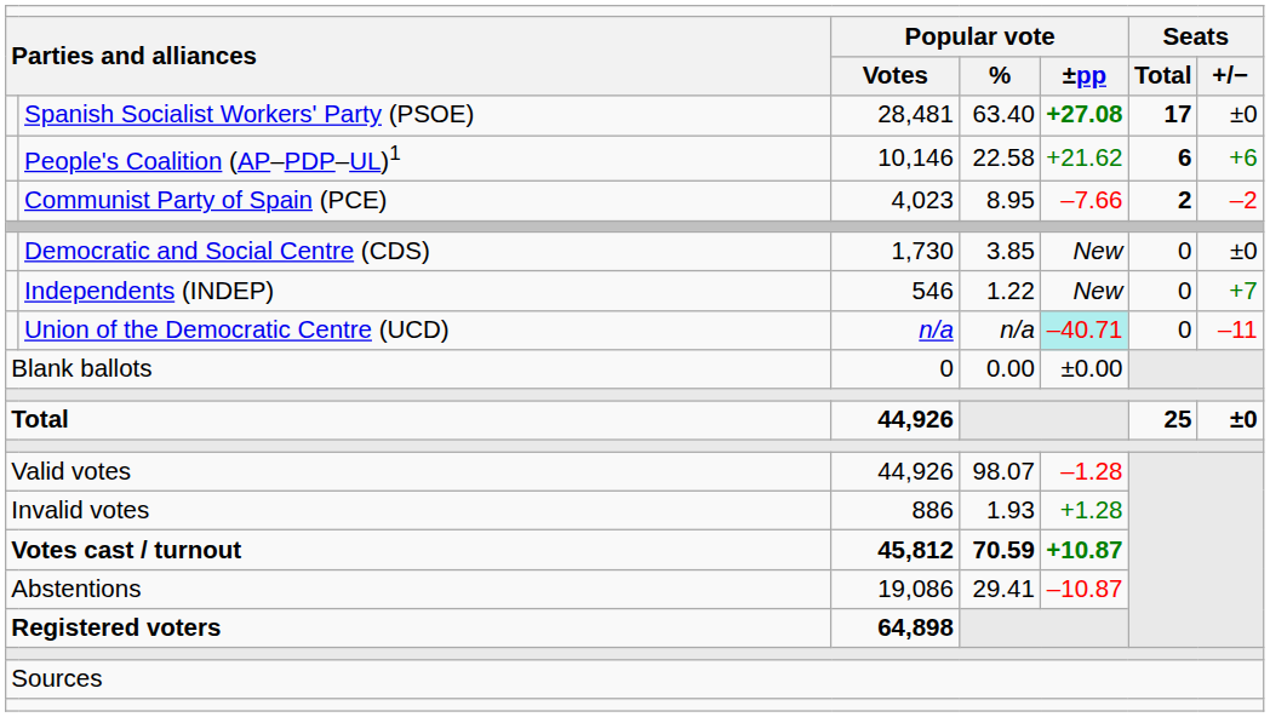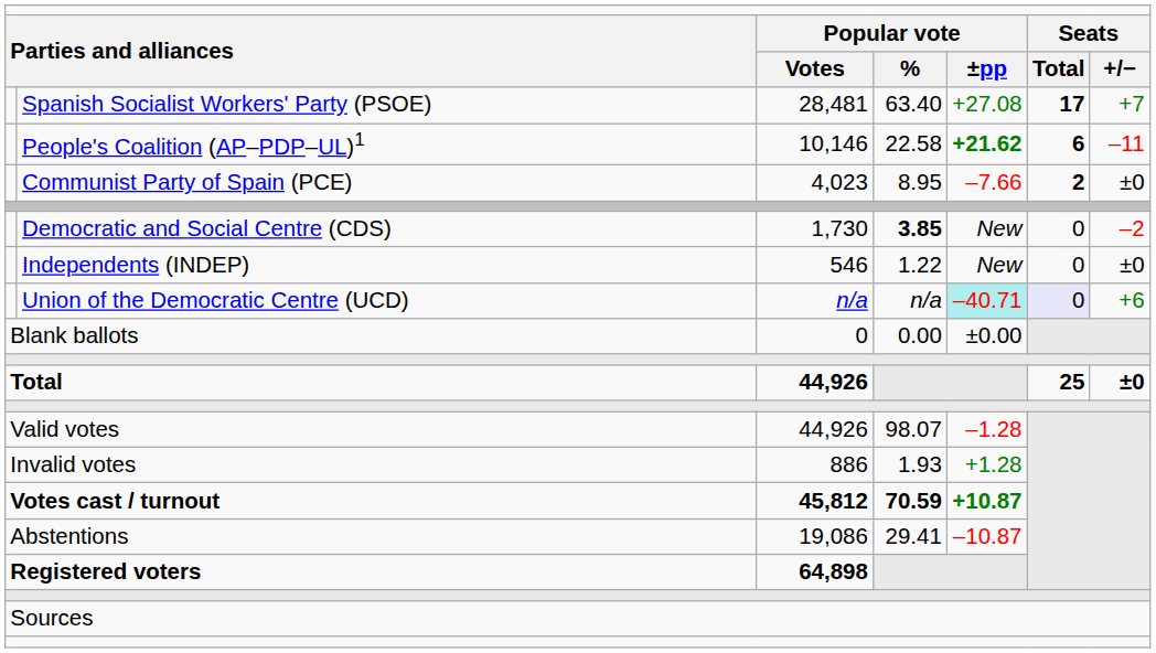 <table class="wikitable" style="text-align:right;">
 <tr>
 <td colspan="7"></td>
 </tr>
 <tr>
 <th style="text-align:left;" rowspan="2" colspan="2" width="525">Parties and alliances</th>
 <th colspan="3">Popular vote</th>
 <th colspan="2">Seats</th>
 </tr>
 <tr>
 <th width="75">Votes</th>
 <th width="45">%</th>
 <th width="45">±<a href='#'>pp</a></th>
 <th width="35">Total</th>
 <th width="35">+/−</th>
 </tr>
 <tr>
 <td width="1" style="color:inherit;background:"></td>
 <td align="left"><a href='#'>Spanish Socialist Workers' Party</a> (PSOE)</td>
 <td>28,481</td>
 <td>63.40</td>
-<td style="color:green;"><strong>+27.08</strong></td>
+<td style="color:green;">+27.08</td>
 <td><strong>17</strong></td>
-<td>±0</td>
+<td style="color:green;">+7</td>
 </tr>
 <tr>
 <td style="color:inherit;background:"></td>
 <td align="left"><a href='#'>People's Coalition</a> (<a href='#'>AP</a>–<a href='#'>PDP</a>–<a href='#'>UL</a>)<sup>1</sup></td>
 <td>10,146</td>
 <td>22.58</td>
-<td style="color:green;">+21.62</td>
+<td style="color:green;"><strong>+21.62</strong></td>
 <td><strong>6</strong></td>
-<td style="color:green;">+6</td>
+<td style="color:red;">–11</td>
 </tr>
 <tr>
 <td style="color:inherit;background:"></td>
 <td align="left"><a href='#'>Communist Party of Spain</a> (PCE)</td>
 <td>4,023</td>
 <td>8.95</td>
 <td style="color:red;">–7.66</td>
 <td><strong>2</strong></td>
-<td style="color:red;">–2</td>
+<td>±0</td>
 </tr>
 <tr>
 <td colspan="7" bgcolor="#C0C0C0"></td>
 </tr>
 <tr>
 <td style="color:inherit;background:"></td>
 <td align="left"><a href='#'>Democratic and Social Centre</a> (CDS)</td>
 <td>1,730</td>
-<td>3.85</td>
+<td><strong>3.85</strong></td>
 <td><em>New</em></td>
 <td>0</td>
-<td>±0</td>
+<td style="color:red;">–2</td>
 </tr>
 <tr>
 <td style="color:inherit;background:"></td>
 <td align="left"><a href='#'>Independents</a> (INDEP)</td>
 <td>546</td>
 <td>1.22</td>
 <td><em>New</em></td>
 <td>0</td>
-<td style="color:green;">+7</td>
+<td>±0</td>
 </tr>
 <tr>
 <td style="color:inherit;background:"></td>
 <td align="left"><a href='#'>Union of the Democratic Centre</a> (UCD)</td>
 <td><em><a href='#'>n/a</a></em></td>
 <td><em>n/a</em></td>
 <td style="background: paleturquoise; color:red;">–40.71</td>
-<td>0</td>
-<td style="color:red;">–11</td>
+<td style="background: lavender;">0</td>
+<td style="color:green;">+6</td>
 </tr>
 <tr>
 <td align="left" colspan="2">Blank ballots</td>
 <td>0</td>
 <td>0.00</td>
 <td>±0.00</td>
 <td bgcolor="#E9E9E9" colspan="2"></td>
 </tr>
 <tr>
 <td colspan="7" bgcolor="#E9E9E9"></td>
 </tr>
 <tr style="font-weight:bold;">
 <td align="left" colspan="2">Total</td>
 <td>44,926</td>
 <td bgcolor="#E9E9E9" colspan="2"></td>
 <td>25</td>
 <td>±0</td>
 </tr>
 <tr>
 <td colspan="7" bgcolor="#E9E9E9"></td>
 </tr>
 <tr>
 <td align="left" colspan="2">Valid votes</td>
 <td>44,926</td>
 <td>98.07</td>
 <td style="color:red;">–1.28</td>
 <td bgcolor="#E9E9E9" colspan="2" rowspan="5"></td>
 </tr>
 <tr>
 <td align="left" colspan="2">Invalid votes</td>
 <td>886</td>
 <td>1.93</td>
 <td style="color:green;">+1.28</td>
 </tr>
 <tr style="font-weight:bold;">
 <td align="left" colspan="2">Votes cast / turnout</td>
 <td>45,812</td>
 <td>70.59</td>
 <td style="color:green;">+10.87</td>
 </tr>
 <tr>
 <td align="left" colspan="2">Abstentions</td>
 <td>19,086</td>
 <td>29.41</td>
 <td style="color:red;">–10.87</td>
 </tr>
 <tr style="font-weight:bold;">
 <td align="left" colspan="2">Registered voters</td>
 <td>64,898</td>
 <td bgcolor="#E9E9E9" colspan="2"></td>
 </tr>
 <tr>
 <td colspan="7" bgcolor="#E9E9E9"></td>
 </tr>
 <tr>
 <td align="left" colspan="7">Sources</td>
 </tr>
 <tr>
 <td colspan="7" style="text-align:left; max-width:790px;"></td>
 </tr>
 </table>
